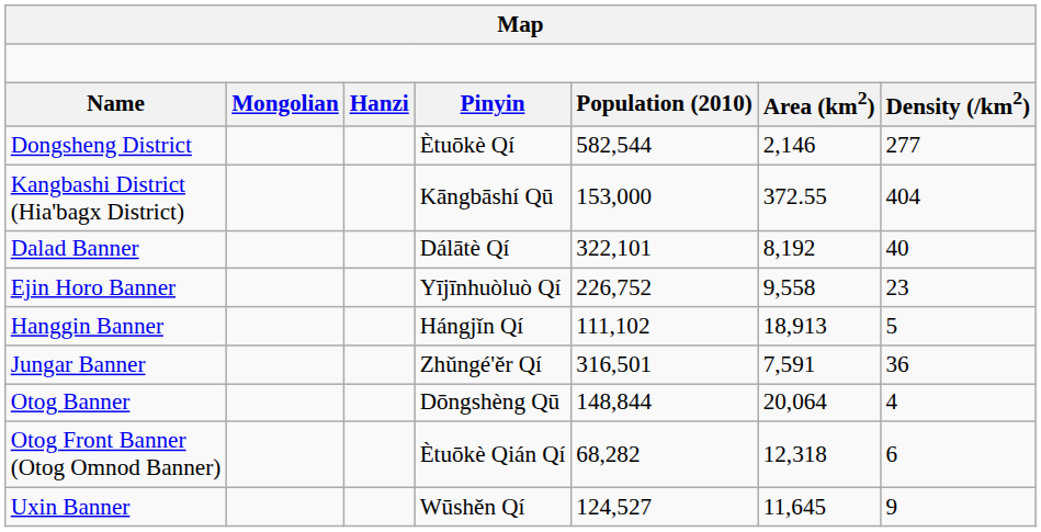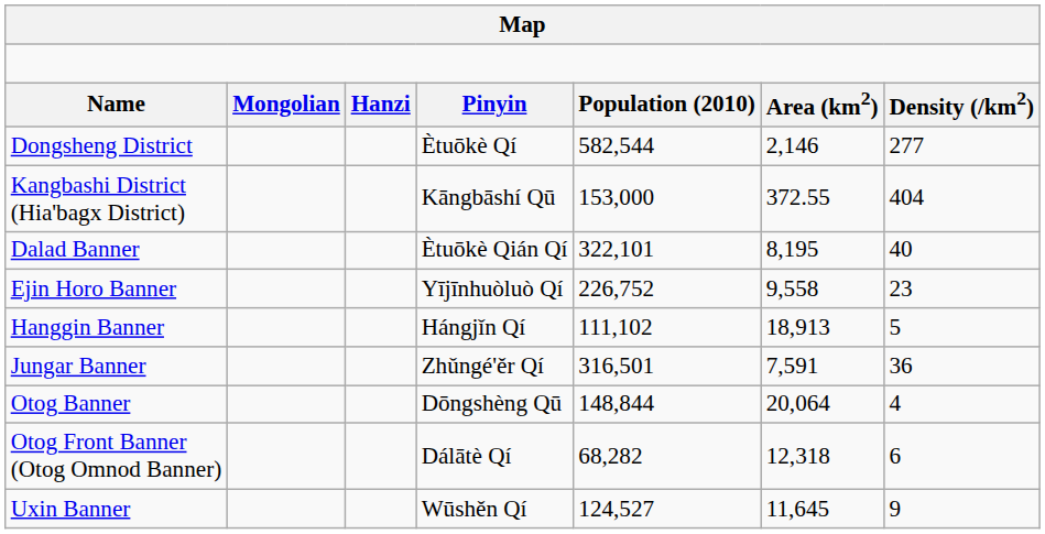 <table class="wikitable"  style="font-size:90%;" align=center>
 <tr>
 <th colspan="8" align="center">Map</th>
 </tr>
 <tr>
 <td colspan="8" align="center"><div><br>             </div></td>
 </tr>
 <tr>
 <th>Name</th>
 <th><a href='#'>Mongolian</a></th>
 <th><a href='#'>Hanzi</a></th>
 <th><a href='#'>Pinyin</a></th>
 <th>Population (2010)</th>
 <th>Area (km<sup>2</sup>)</th>
 <th>Density (/km<sup>2</sup>)</th>
 </tr>
 <tr --------->
 <td><a href='#'>Dongsheng District</a></td>
 <td><br></td>
 <td></td>
 <td>Ètuōkè Qí</td>
 <td>582,544</td>
 <td>2,146</td>
 <td>277</td>
 </tr>
 <tr --------->
 <td><a href='#'>Kangbashi District</a><br>(Hia'bagx District)</td>
 <td><br></td>
 <td></td>
 <td>Kāngbāshí Qū</td>
 <td>153,000</td>
 <td>372.55</td>
 <td>404</td>
 </tr>
 <tr --------->
 <td><a href='#'>Dalad Banner</a></td>
 <td><br></td>
 <td></td>
-<td>Dálātè Qí</td>
+<td>Ètuōkè Qián Qí</td>
 <td>322,101</td>
-<td>8,192</td>
+<td>8,195</td>
 <td>40</td>
 </tr>
 <tr --------->
 <td><a href='#'>Ejin Horo Banner</a></td>
 <td><br></td>
 <td></td>
 <td>Yījīnhuòluò Qí</td>
 <td>226,752</td>
 <td>9,558</td>
 <td>23</td>
 </tr>
 <tr --------->
 <td><a href='#'>Hanggin Banner</a></td>
 <td><br></td>
 <td></td>
 <td>Hángjǐn Qí</td>
 <td>111,102</td>
 <td>18,913</td>
 <td>5</td>
 </tr>
 <tr --------->
 <td><a href='#'>Jungar Banner</a></td>
 <td><br></td>
 <td></td>
 <td>Zhǔngé'ěr Qí</td>
 <td>316,501</td>
 <td>7,591</td>
 <td>36</td>
 </tr>
 <tr --------->
 <td><a href='#'>Otog Banner</a></td>
 <td><br></td>
 <td></td>
 <td>Dōngshèng Qū</td>
 <td>148,844</td>
 <td>20,064</td>
 <td>4</td>
 </tr>
 <tr --------->
 <td><a href='#'>Otog Front Banner</a><br>(Otog Omnod Banner)</td>
 <td><br></td>
 <td></td>
-<td>Ètuōkè Qián Qí</td>
+<td>Dálātè Qí</td>
 <td>68,282</td>
 <td>12,318</td>
 <td>6</td>
 </tr>
 <tr --------->
 <td><a href='#'>Uxin Banner</a></td>
 <td><br></td>
 <td></td>
 <td>Wūshěn Qí</td>
 <td>124,527</td>
 <td>11,645</td>
 <td>9</td>
 </tr>
 </table>
